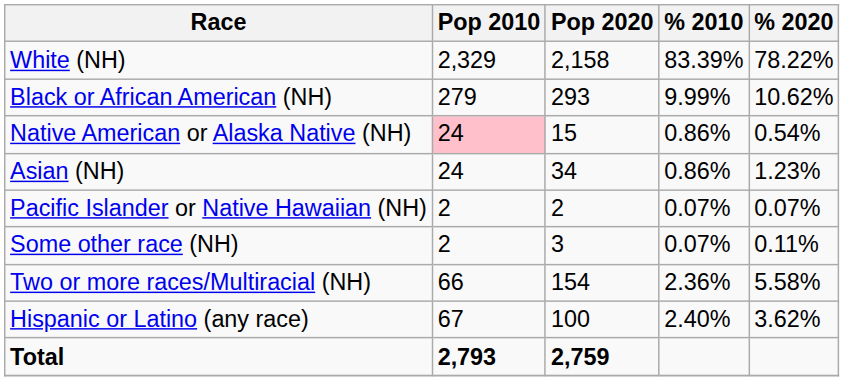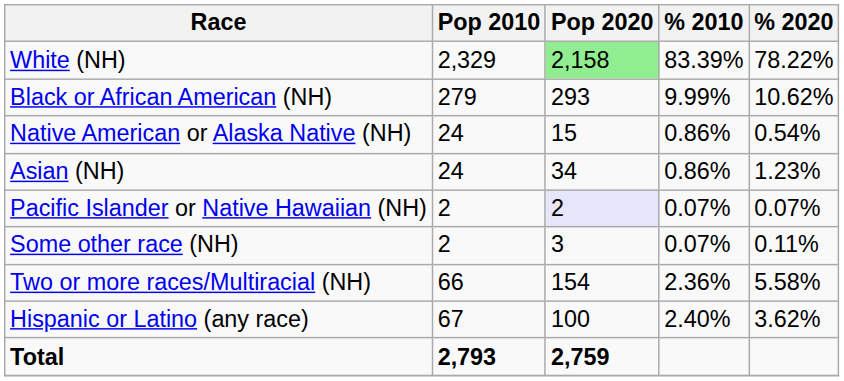 <table class="wikitable">
 <tr>
 <th>Race</th>
 <th>Pop 2010</th>
 <th>Pop 2020</th>
 <th>% 2010</th>
 <th>% 2020</th>
 </tr>
 <tr>
 <td><a href='#'>White</a> (NH)</td>
 <td>2,329</td>
-<td>2,158</td>
+<td style="background: lightgreen;">2,158</td>
 <td>83.39%</td>
 <td>78.22%</td>
 </tr>
 <tr>
 <td><a href='#'>Black or African American</a> (NH)</td>
 <td>279</td>
 <td>293</td>
 <td>9.99%</td>
 <td>10.62%</td>
 </tr>
 <tr>
 <td><a href='#'>Native American</a> or <a href='#'>Alaska Native</a> (NH)</td>
-<td style="background: pink;">24</td>
+<td>24</td>
 <td>15</td>
 <td>0.86%</td>
 <td>0.54%</td>
 </tr>
 <tr>
 <td><a href='#'>Asian</a> (NH)</td>
 <td>24</td>
 <td>34</td>
 <td>0.86%</td>
 <td>1.23%</td>
 </tr>
 <tr>
 <td><a href='#'>Pacific Islander</a> or <a href='#'>Native Hawaiian</a> (NH)</td>
 <td>2</td>
-<td>2</td>
+<td style="background: lavender;">2</td>
 <td>0.07%</td>
 <td>0.07%</td>
 </tr>
 <tr>
 <td><a href='#'>Some other race</a> (NH)</td>
 <td>2</td>
 <td>3</td>
 <td>0.07%</td>
 <td>0.11%</td>
 </tr>
 <tr>
 <td><a href='#'>Two or more races/Multiracial</a> (NH)</td>
 <td>66</td>
 <td>154</td>
 <td>2.36%</td>
 <td>5.58%</td>
 </tr>
 <tr>
 <td><a href='#'>Hispanic or Latino</a> (any race)</td>
 <td>67</td>
 <td>100</td>
 <td>2.40%</td>
 <td>3.62%</td>
 </tr>
 <tr>
 <td><strong>Total</strong></td>
 <td><strong>2,793</strong></td>
 <td><strong>2,759</strong></td>
 <td></td>
 <td></td>
 </tr>
 <tr>
 </tr>
 </table>
